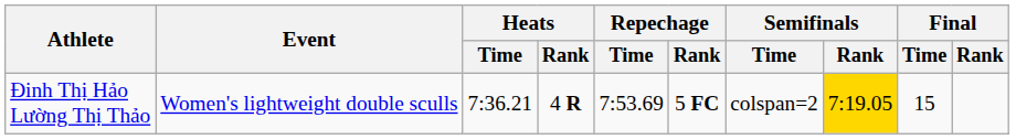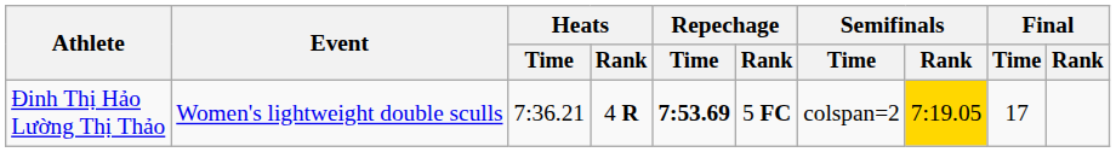 <table class="wikitable" style="font-size:90%">
 <tr>
 <th rowspan="2">Athlete</th>
 <th rowspan="2">Event</th>
 <th colspan="2">Heats</th>
 <th colspan="2">Repechage</th>
 <th colspan="2">Semifinals</th>
 <th colspan="2">Final</th>
 </tr>
 <tr style="font-size:95%">
 <th>Time</th>
 <th>Rank</th>
 <th>Time</th>
 <th>Rank</th>
 <th>Time</th>
 <th>Rank</th>
 <th>Time</th>
 <th>Rank</th>
 </tr>
 <tr align=center>
 <td align=left><a href='#'>Đinh Thị Hảo</a><br><a href='#'>Lường Thị Thảo</a></td>
 <td align=left><a href='#'>Women's lightweight double sculls</a></td>
 <td>7:36.21</td>
 <td>4 <strong>R</strong></td>
-<td>7:53.69</td>
+<td><strong>7:53.69</strong></td>
 <td>5 <strong>FC</strong></td>
 <td>colspan=2 </td>
 <td style="background: gold;">7:19.05</td>
-<td>15</td>
+<td>17</td>
 </tr>
 </table>
